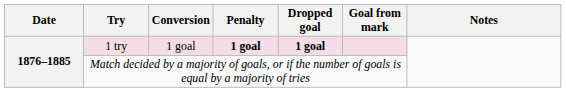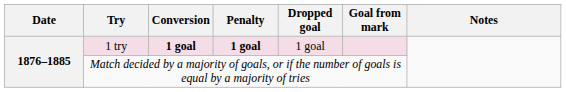 <table class="wikitable">
 <tr>
 <th scope="col" width="100px">Date</th>
 <th scope="col" width="80px">Try</th>
 <th scope="col" width="80px">Conversion</th>
 <th scope="col" width="80px">Penalty</th>
 <th scope="col" width="80px">Dropped goal</th>
 <th scope="col" width="80px">Goal from mark</th>
 <th scope="col" width="200px">Notes<br></th>
 </tr>
 <tr style="text-align:center; background:#F4DDE7;">
 <th rowspan="2">1876–1885</th>
 <td>1 try</td>
-<td>1 goal</td>
 <td><strong>1 goal</strong></td>
 <td><strong>1 goal</strong></td>
+<td>1 goal</td>
 <td></td>
 </tr>
 <tr style="text-align:center;">
 <td colspan="5"><em>Match decided by a majority of goals, or if the number of goals is equal by a majority of tries</em><br></td>
 </tr>
 </table>
